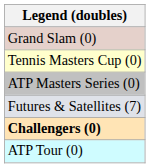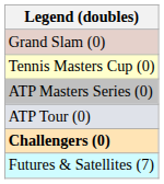 <table class="wikitable">
 <tr>
 <th>Legend (doubles)</th>
 </tr>
 <tr bgcolor="#e5d1cb">
 <td>Grand Slam (0)</td>
 </tr>
 <tr bgcolor="ffffcc">
 <td>Tennis Masters Cup (0)</td>
 </tr>
 <tr bgcolor="silver">
 <td>ATP Masters Series (0)</td>
 </tr>
 <tr bgcolor="#dfe2e9">
-<td>Futures & Satellites (7)</td>
+<td>ATP Tour (0)</td>
 </tr>
 <tr bgcolor="moccasin">
 <td><strong>Challengers (0)</strong></td>
 </tr>
 <tr bgcolor="CFFCFF">
-<td>ATP Tour (0)</td>
+<td>Futures & Satellites (7)</td>
 </tr>
 </table>
